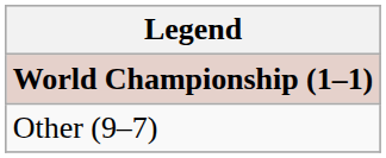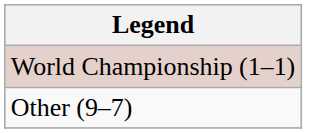 <table class="wikitable">
 <tr>
 <th>Legend</th>
 </tr>
 <tr style="background:#e5d1cb;">
-<td><strong>World Championship (1–1)</strong></td>
+<td>World Championship (1–1)</td>
 </tr>
 <tr>
 <td>Other (9–7)</td>
 </tr>
 </table>
